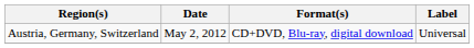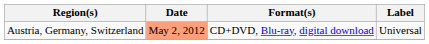 <table class="wikitable">
 <tr>
 <th>Region(s)</th>
 <th>Date</th>
 <th>Format(s)</th>
 <th>Label</th>
 </tr>
 <tr>
 <td>Austria, Germany, Switzerland</td>
-<td>May 2, 2012</td>
+<td style="background: lightsalmon;">May 2, 2012</td>
 <td>CD+DVD, <a href='#'>Blu-ray</a>, <a href='#'>digital download</a></td>
 <td>Universal</td>
 </tr>
 <tr>
 </tr>
 </table>
